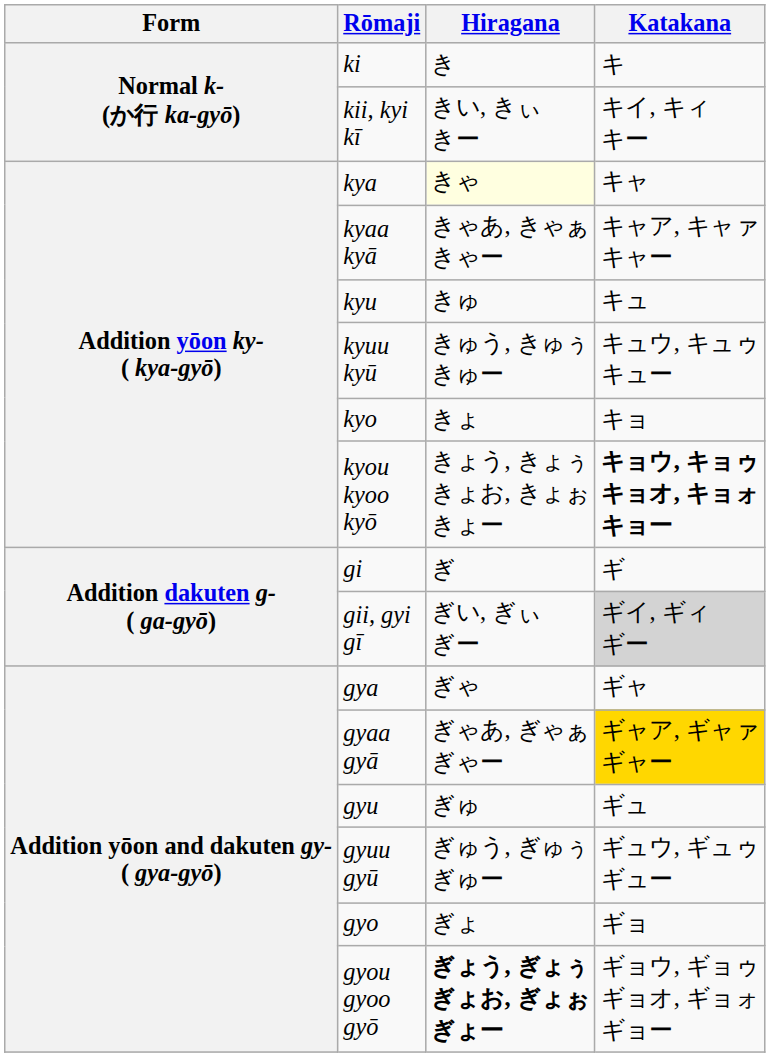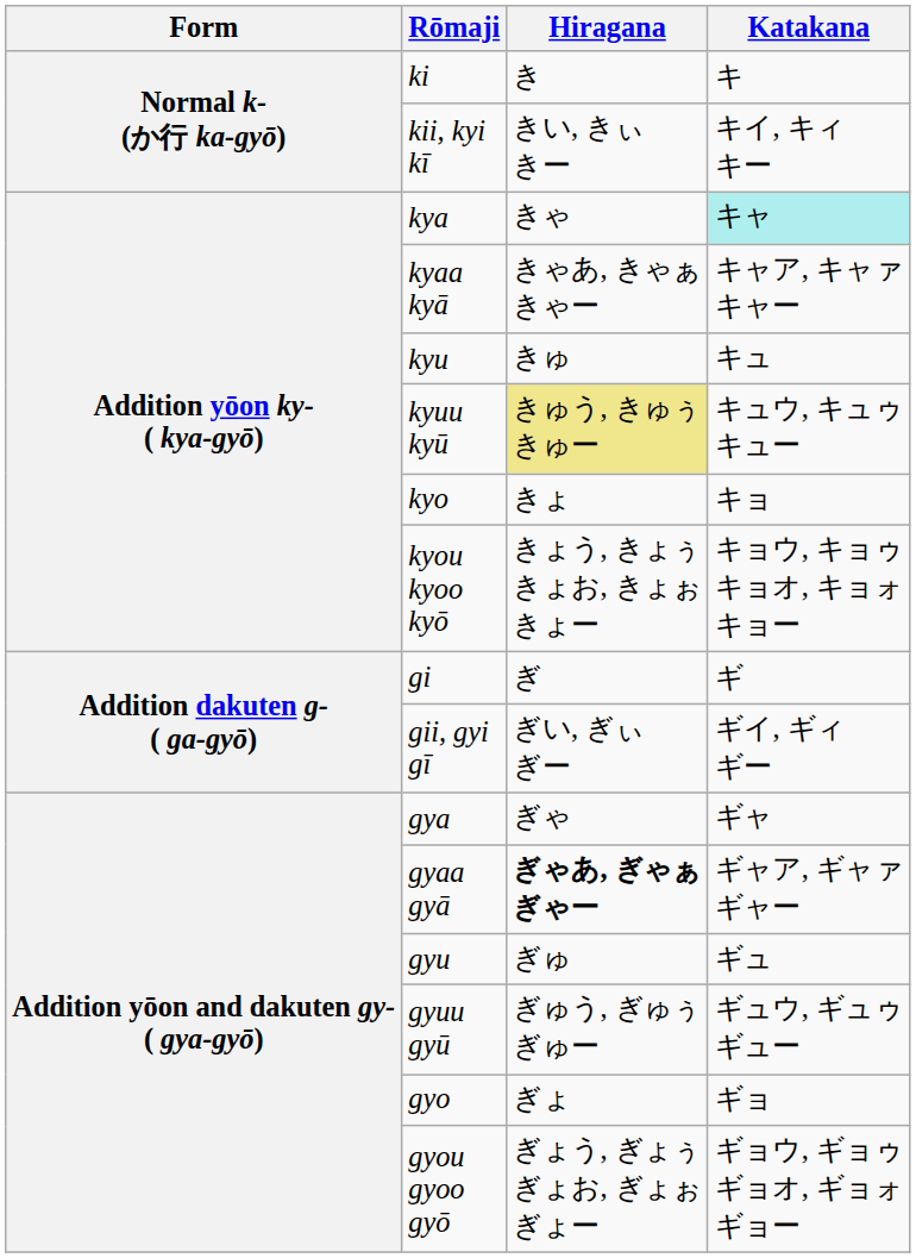 <table class="wikitable">
 <tr>
 <th>Form</th>
 <th><a href='#'>Rōmaji</a></th>
 <th><a href='#'>Hiragana</a></th>
 <th><a href='#'>Katakana</a></th>
 </tr>
 <tr>
 <th rowspan="2">Normal <em>k-</em><br>(か行 <em>ka-gyō</em>)</th>
 <td><em>ki</em></td>
 <td>き</td>
 <td>キ</td>
 </tr>
 <tr>
 <td><em>kii, kyi</em><br><em>kī</em></td>
 <td>きい, きぃ<br>きー</td>
 <td>キイ, キィ<br>キー</td>
 </tr>
 <tr>
 <th rowspan="6">Addition <a href='#'>yōon</a> <em>ky-</em><br>( <em>kya-gyō</em>)</th>
 <td><em>kya</em></td>
-<td style="background: lightyellow;">きゃ</td>
-<td>キャ</td>
+<td>きゃ</td>
+<td style="background: paleturquoise;">キャ</td>
 </tr>
 <tr>
 <td><em>kyaa</em><br><em>kyā</em></td>
 <td>きゃあ, きゃぁ<br>きゃー</td>
 <td>キャア, キャァ<br>キャー</td>
 </tr>
 <tr>
 <td><em>kyu</em></td>
 <td>きゅ</td>
 <td>キュ</td>
 </tr>
 <tr>
 <td><em>kyuu</em><br><em>kyū</em></td>
-<td>きゅう, きゅぅ<br>きゅー</td>
+<td style="background: khaki;">きゅう, きゅぅ<br>きゅー</td>
 <td>キュウ, キュゥ<br>キュー</td>
 </tr>
 <tr>
 <td><em>kyo</em></td>
 <td>きょ</td>
 <td>キョ</td>
 </tr>
 <tr>
 <td><em>kyou</em><br><em>kyoo</em><br><em>kyō</em></td>
 <td>きょう, きょぅ<br>きょお, きょぉ<br>きょー</td>
-<td><strong>キョウ, キョゥ<br>キョオ, キョォ<br>キョー</strong></td>
+<td>キョウ, キョゥ<br>キョオ, キョォ<br>キョー</td>
 </tr>
 <tr>
 <th rowspan="2">Addition <a href='#'>dakuten</a> <em>g-</em><br>( <em>ga-gyō</em>)</th>
 <td><em>gi</em></td>
 <td>ぎ</td>
 <td>ギ</td>
 </tr>
 <tr>
 <td><em>gii, gyi</em><br><em>gī</em></td>
 <td>ぎい, ぎぃ<br>ぎー</td>
-<td style="background: lightgrey;">ギイ, ギィ<br>ギー</td>
+<td>ギイ, ギィ<br>ギー</td>
 </tr>
 <tr>
 <th rowspan="6">Addition yōon and dakuten <em>gy-</em><br>( <em>gya-gyō</em>)</th>
 <td><em>gya</em></td>
 <td>ぎゃ</td>
 <td>ギャ</td>
 </tr>
 <tr>
 <td><em>gyaa</em><br><em>gyā</em></td>
-<td>ぎゃあ, ぎゃぁ<br>ぎゃー</td>
-<td style="background: gold;">ギャア, ギャァ<br>ギャー</td>
+<td><strong>ぎゃあ, ぎゃぁ<br>ぎゃー</strong></td>
+<td>ギャア, ギャァ<br>ギャー</td>
 </tr>
 <tr>
 <td><em>gyu</em></td>
 <td>ぎゅ</td>
 <td>ギュ</td>
 </tr>
 <tr>
 <td><em>gyuu</em><br><em>gyū</em></td>
 <td>ぎゅう, ぎゅぅ<br>ぎゅー</td>
 <td>ギュウ, ギュゥ<br>ギュー</td>
 </tr>
 <tr>
 <td><em>gyo</em></td>
 <td>ぎょ</td>
 <td>ギョ</td>
 </tr>
 <tr>
 <td><em>gyou</em><br><em>gyoo</em><br><em>gyō</em></td>
-<td><strong>ぎょう, ぎょぅ<br>ぎょお, ぎょぉ<br>ぎょー</strong></td>
+<td>ぎょう, ぎょぅ<br>ぎょお, ぎょぉ<br>ぎょー</td>
 <td>ギョウ, ギョゥ<br>ギョオ, ギョォ<br>ギョー</td>
 </tr>
 </table>
